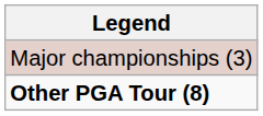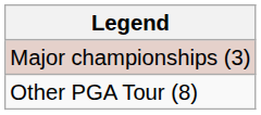 <table class="wikitable" style="font-size:95%;">
 <tr>
 <th>Legend</th>
 </tr>
 <tr style="background:#e5d1cb;">
 <td>Major championships (3)</td>
 </tr>
 <tr>
-<td><strong>Other PGA Tour (8)</strong></td>
+<td>Other PGA Tour (8)</td>
 </tr>
 </table>
